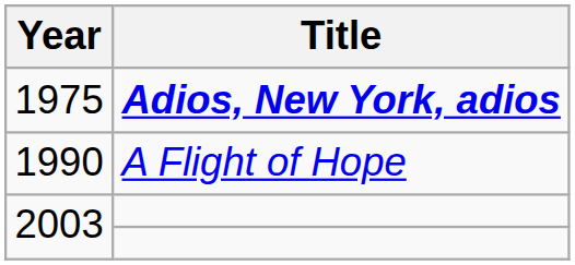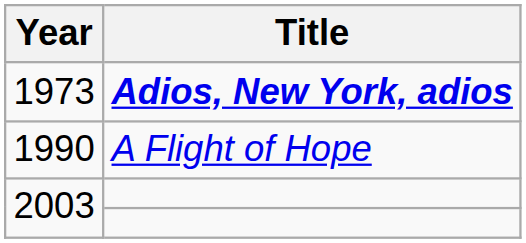 <table class="wikitable">
 <tr>
 <th>Year</th>
 <th>Title</th>
 </tr>
 <tr>
-<td>1975</td>
+<td>1973</td>
 <td><strong><em><a href='#'>Adios, New York, adios</a></em></strong></td>
 </tr>
 <tr>
 <td>1990</td>
 <td><em><a href='#'>A Flight of Hope</a></em></td>
 </tr>
 <tr>
 <td rowspan="2">2003</td>
 <td></td>
 </tr>
 <tr>
 <td></td>
 </tr>
 </table>
